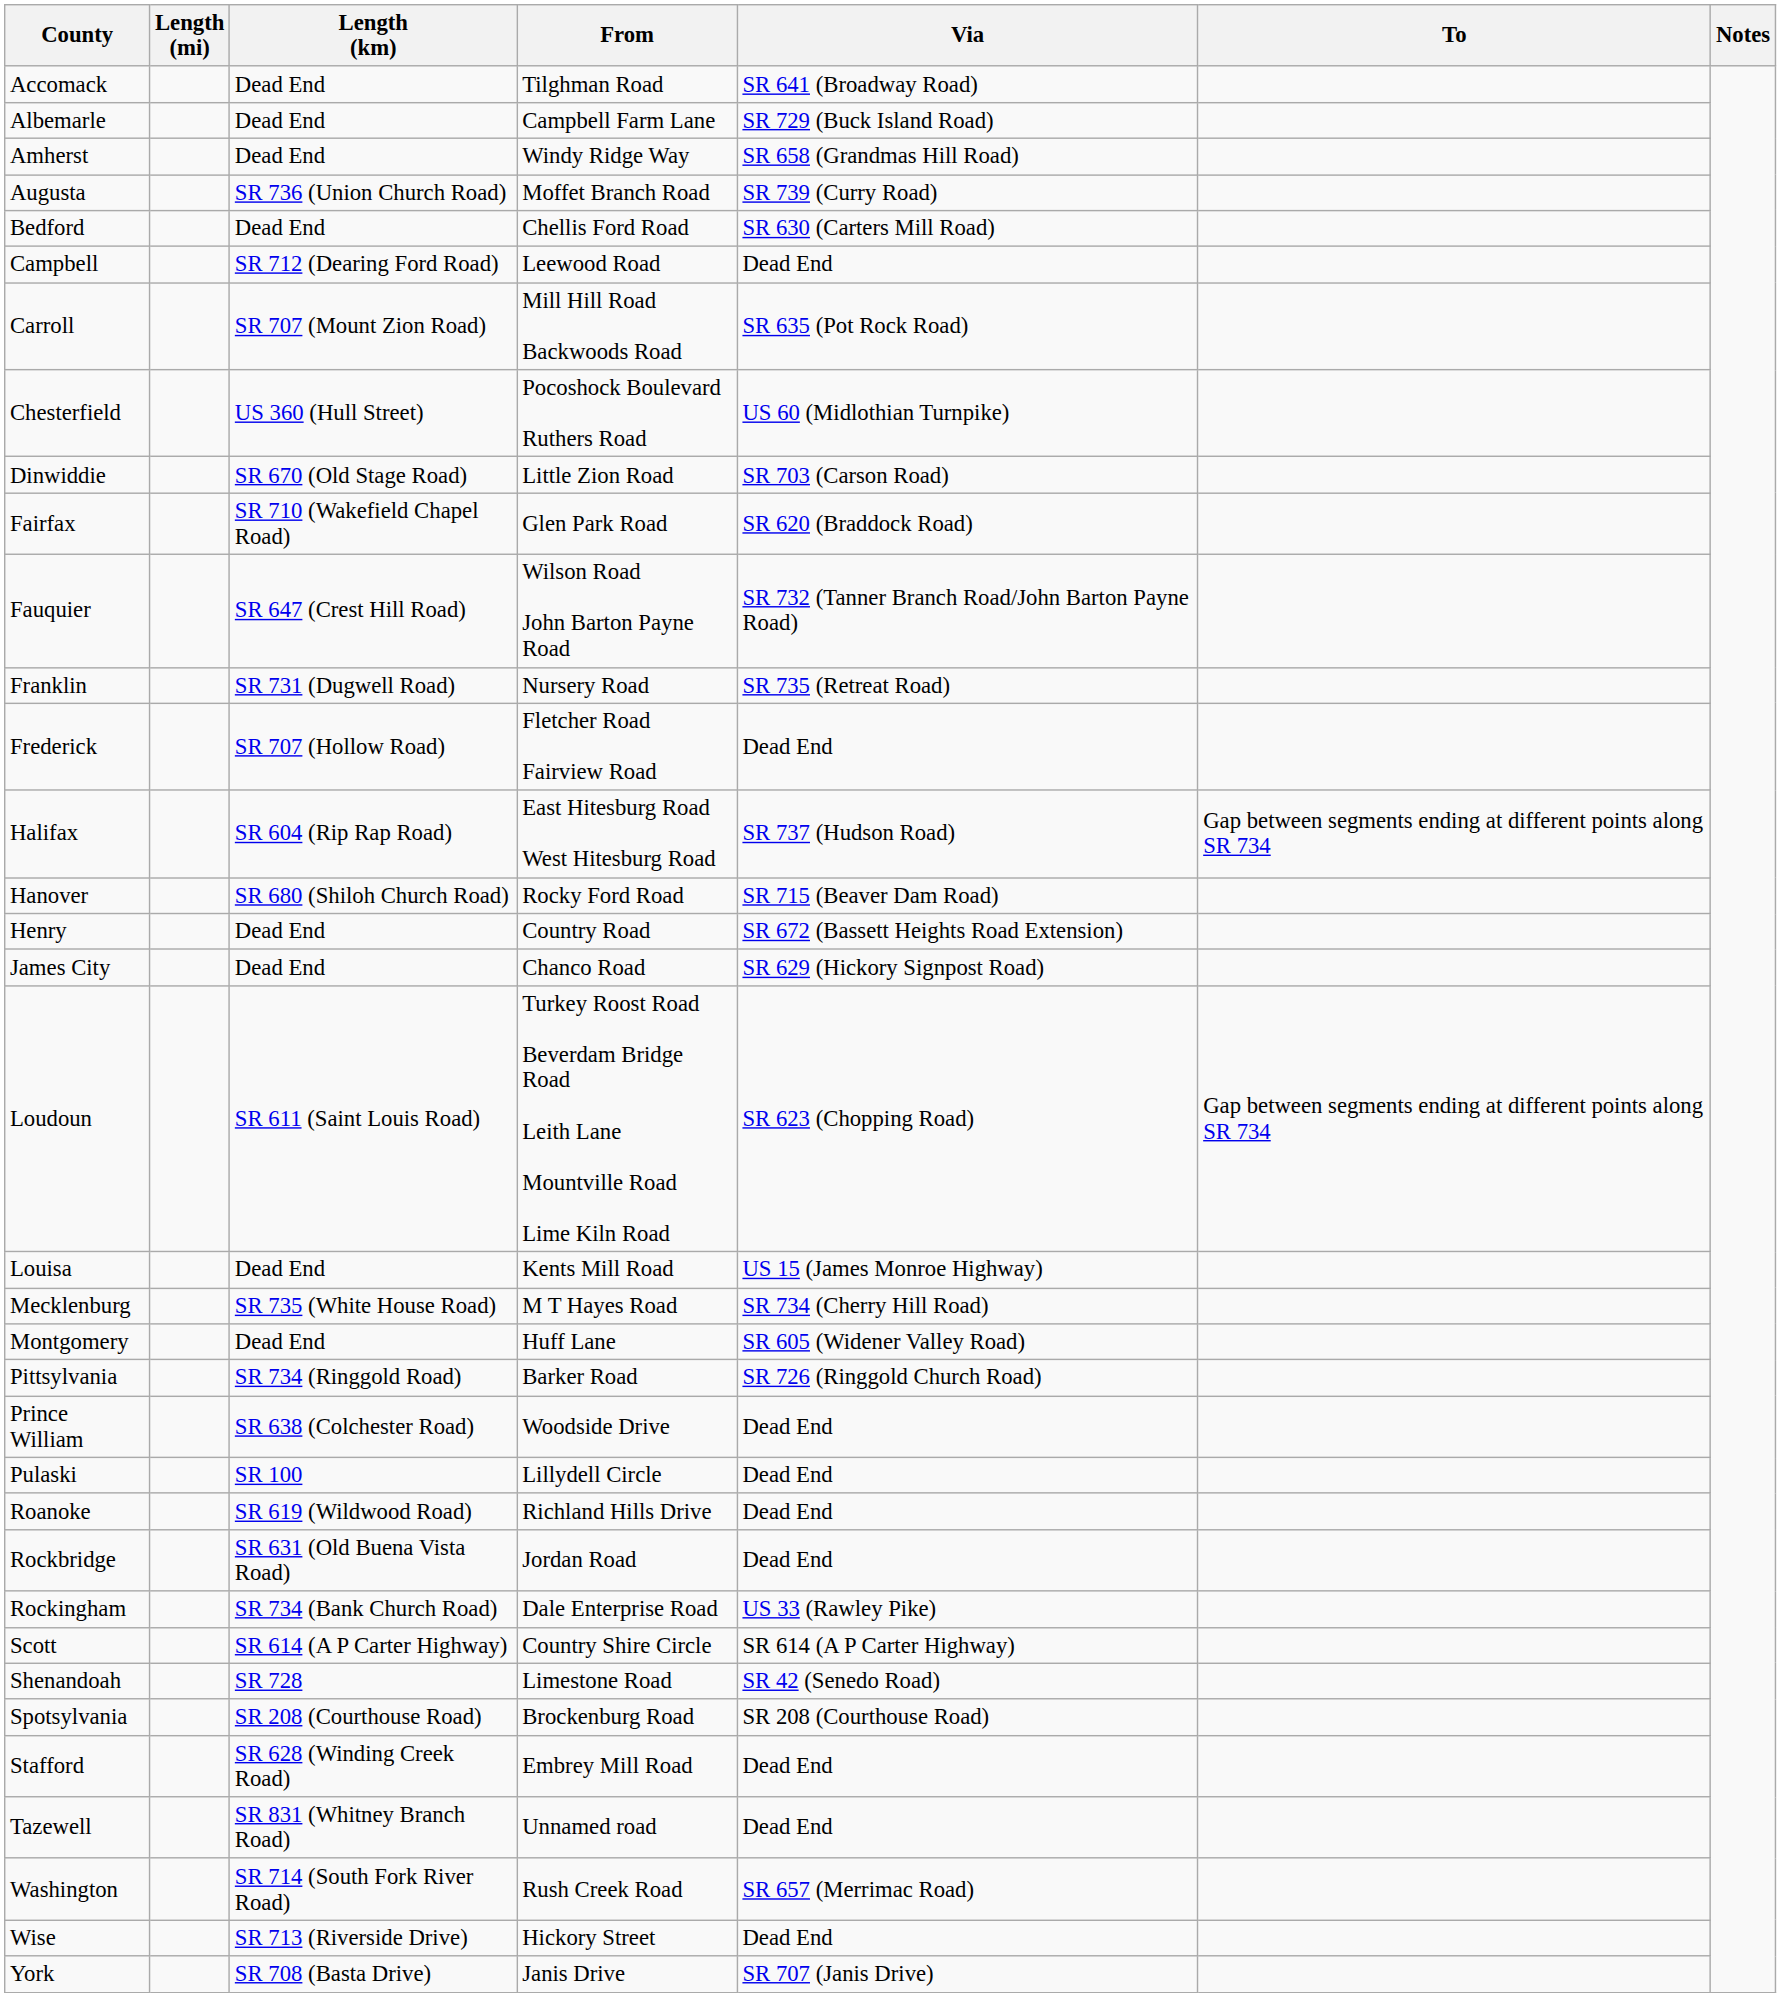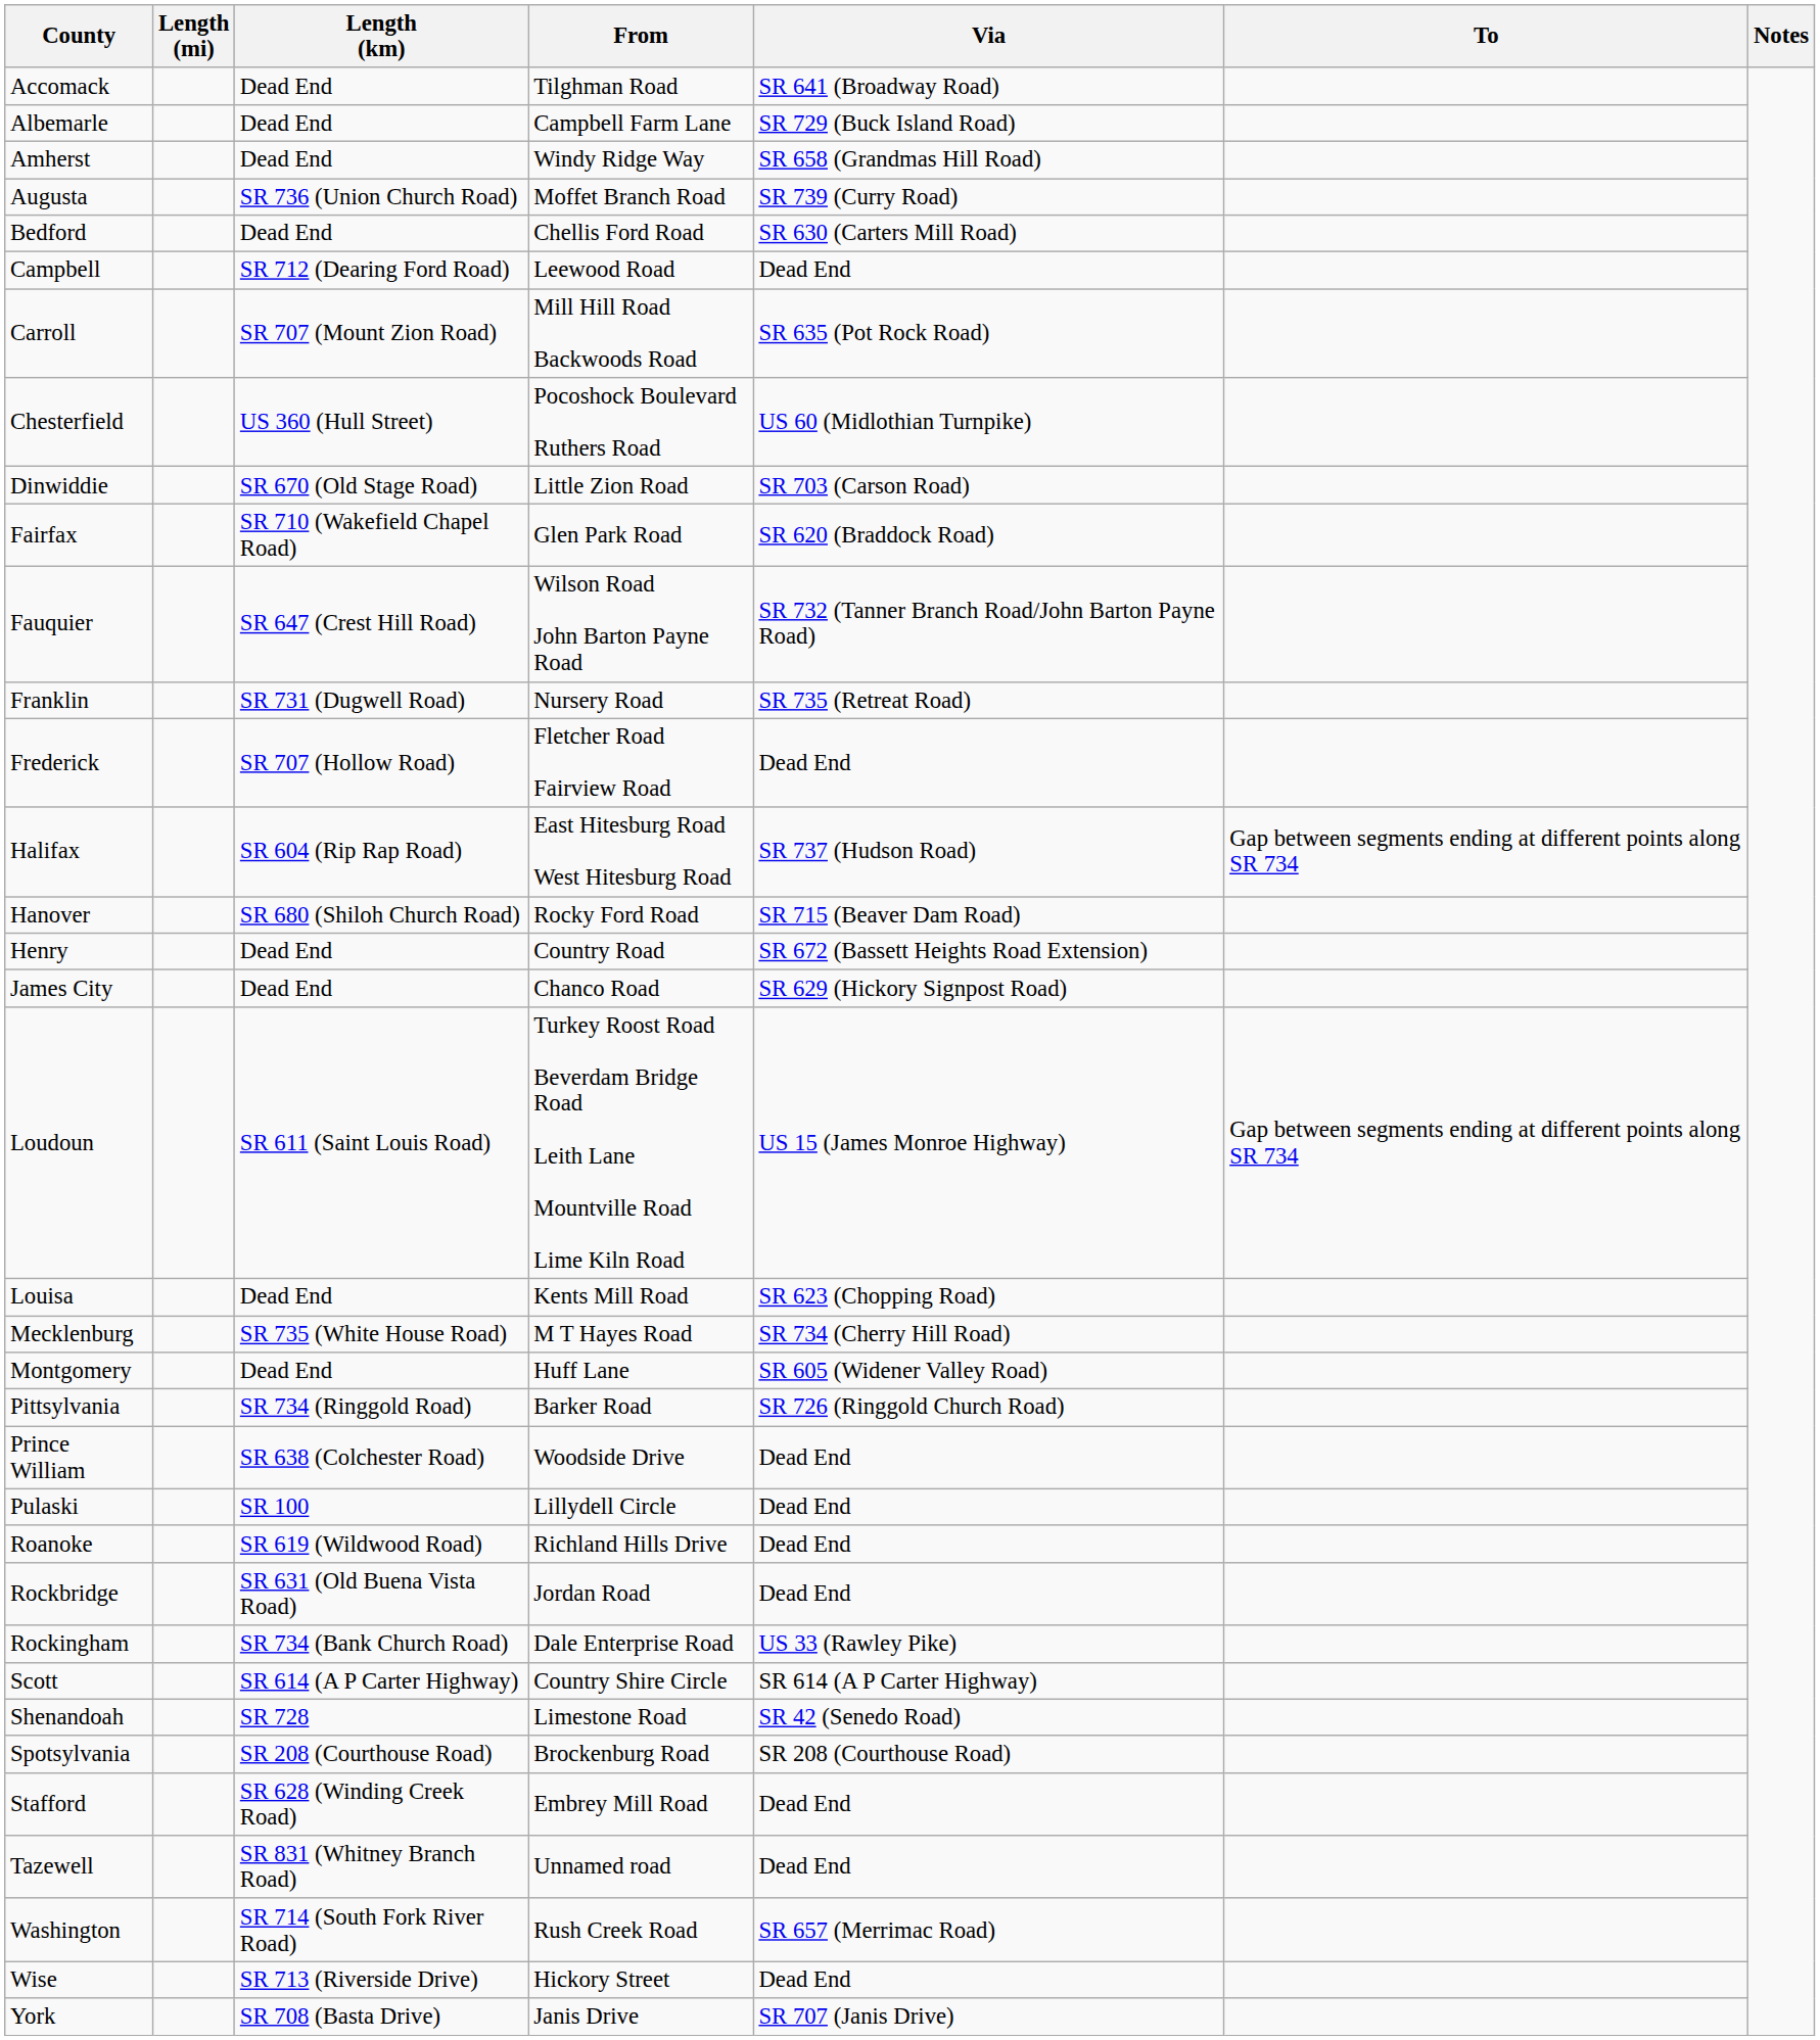 <table class="wikitable sortable">
 <tr>
 <th>County</th>
 <th>Length<br>(mi)</th>
 <th>Length<br>(km)</th>
 <th class="unsortable">From</th>
 <th class="unsortable">Via</th>
 <th class="unsortable">To</th>
 <th class="unsortable">Notes</th>
 </tr>
 <tr>
 <td id="Accomack">Accomack</td>
 <td></td>
 <td>Dead End</td>
 <td>Tilghman Road</td>
 <td><a href='#'>SR 641</a> (Broadway Road)</td>
 <td></td>
 </tr>
 <tr>
 <td id="Albemarle">Albemarle</td>
 <td></td>
 <td>Dead End</td>
 <td>Campbell Farm Lane</td>
 <td><a href='#'>SR 729</a> (Buck Island Road)</td>
 <td><br> </td>
 </tr>
 <tr>
 <td id="Amherst">Amherst</td>
 <td></td>
 <td>Dead End</td>
 <td>Windy Ridge Way</td>
 <td><a href='#'>SR 658</a> (Grandmas Hill Road)</td>
 <td><br> </td>
 </tr>
 <tr>
 <td id="Augusta">Augusta</td>
 <td></td>
 <td><a href='#'>SR 736</a> (Union Church Road)</td>
 <td>Moffet Branch Road</td>
 <td><a href='#'>SR 739</a> (Curry Road)</td>
 <td><br></td>
 </tr>
 <tr>
 <td id="Bedford">Bedford</td>
 <td></td>
 <td>Dead End</td>
 <td>Chellis Ford Road</td>
 <td><a href='#'>SR 630</a> (Carters Mill Road)</td>
 <td><br>    </td>
 </tr>
 <tr>
 <td id="Campbell">Campbell</td>
 <td></td>
 <td><a href='#'>SR 712</a> (Dearing Ford Road)</td>
 <td>Leewood Road</td>
 <td>Dead End</td>
 <td><br></td>
 </tr>
 <tr>
 <td id="Carroll">Carroll</td>
 <td></td>
 <td><a href='#'>SR 707</a> (Mount Zion Road)</td>
 <td>Mill Hill Road<br><br>Backwoods Road</td>
 <td><a href='#'>SR 635</a> (Pot Rock Road)</td>
 <td><br> </td>
 </tr>
 <tr>
 <td id="Chesterfield">Chesterfield</td>
 <td></td>
 <td><a href='#'>US 360</a> (Hull Street)</td>
 <td>Pocoshock Boulevard<br><br>Ruthers Road</td>
 <td><a href='#'>US 60</a> (Midlothian Turnpike)</td>
 <td><br>    </td>
 </tr>
 <tr>
 <td id="Dinwiddie">Dinwiddie</td>
 <td></td>
 <td><a href='#'>SR 670</a> (Old Stage Road)</td>
 <td>Little Zion Road</td>
 <td><a href='#'>SR 703</a> (Carson Road)</td>
 <td><br></td>
 </tr>
 <tr>
 <td id="Fairfax">Fairfax</td>
 <td></td>
 <td><a href='#'>SR 710</a> (Wakefield Chapel Road)</td>
 <td>Glen Park Road</td>
 <td><a href='#'>SR 620</a> (Braddock Road)</td>
 <td></td>
 </tr>
 <tr>
 <td id="Fauquier">Fauquier</td>
 <td></td>
 <td><a href='#'>SR 647</a> (Crest Hill Road)</td>
 <td>Wilson Road<br><br>John Barton Payne Road</td>
 <td><a href='#'>SR 732</a> (Tanner Branch Road/John Barton Payne Road)</td>
 <td><br> </td>
 </tr>
 <tr>
 <td id="Franklin">Franklin</td>
 <td></td>
 <td><a href='#'>SR 731</a> (Dugwell Road)</td>
 <td>Nursery Road</td>
 <td><a href='#'>SR 735</a> (Retreat Road)</td>
 <td></td>
 </tr>
 <tr>
 <td id="Frederick">Frederick</td>
 <td></td>
 <td><a href='#'>SR 707</a> (Hollow Road)</td>
 <td>Fletcher Road<br><br>Fairview Road</td>
 <td>Dead End</td>
 <td><br>     </td>
 </tr>
 <tr>
 <td id="Halifax">Halifax</td>
 <td></td>
 <td><a href='#'>SR 604</a> (Rip Rap Road)</td>
 <td>East Hitesburg Road<br><br>West Hitesburg Road</td>
 <td><a href='#'>SR 737</a> (Hudson Road)</td>
 <td>Gap between segments ending at different points along <a href='#'>SR 734</a></td>
 </tr>
 <tr>
 <td id="Hanover">Hanover</td>
 <td></td>
 <td><a href='#'>SR 680</a> (Shiloh Church Road)</td>
 <td>Rocky Ford Road</td>
 <td><a href='#'>SR 715</a> (Beaver Dam Road)</td>
 <td><br></td>
 </tr>
 <tr>
 <td id="Henry">Henry</td>
 <td></td>
 <td>Dead End</td>
 <td>Country Road</td>
 <td><a href='#'>SR 672</a> (Bassett Heights Road Extension)</td>
 <td><br> </td>
 </tr>
 <tr>
 <td id="James City">James City</td>
 <td></td>
 <td>Dead End</td>
 <td>Chanco Road</td>
 <td><a href='#'>SR 629</a> (Hickory Signpost Road)</td>
 <td><br>    </td>
 </tr>
 <tr>
 <td id="Loudoun">Loudoun</td>
 <td></td>
 <td><a href='#'>SR 611</a> (Saint Louis Road)</td>
 <td>Turkey Roost Road<br><br>Beverdam Bridge Road<br><br>Leith Lane<br><br>Mountville Road<br><br>Lime Kiln Road</td>
-<td><a href='#'>SR 623</a> (Chopping Road)</td>
+<td><a href='#'>US 15</a> (James Monroe Highway)</td>
 <td>Gap between segments ending at different points along <a href='#'>SR 734</a></td>
 </tr>
 <tr>
 <td id="Louisa">Louisa</td>
 <td></td>
 <td>Dead End</td>
 <td>Kents Mill Road</td>
-<td><a href='#'>US 15</a> (James Monroe Highway)</td>
+<td><a href='#'>SR 623</a> (Chopping Road)</td>
 <td><br>  </td>
 </tr>
 <tr>
 <td id="Mecklenburg">Mecklenburg</td>
 <td></td>
 <td><a href='#'>SR 735</a> (White House Road)</td>
 <td>M T Hayes Road</td>
 <td><a href='#'>SR 734</a> (Cherry Hill Road)</td>
 <td><br></td>
 </tr>
 <tr>
 <td id="Montgomery">Montgomery</td>
 <td></td>
 <td>Dead End</td>
 <td>Huff Lane</td>
 <td><a href='#'>SR 605</a> (Widener Valley Road)</td>
 <td><br>       </td>
 </tr>
 <tr>
 <td id="Pittsylvania">Pittsylvania</td>
 <td></td>
 <td><a href='#'>SR 734</a> (Ringgold Road)</td>
 <td>Barker Road</td>
 <td><a href='#'>SR 726</a> (Ringgold Church Road)</td>
 <td><br>  </td>
 </tr>
 <tr>
 <td id="Prince William">Prince William</td>
 <td></td>
 <td><a href='#'>SR 638</a> (Colchester Road)</td>
 <td>Woodside Drive</td>
 <td>Dead End</td>
 <td></td>
 </tr>
 <tr>
 <td id="Pulaski">Pulaski</td>
 <td></td>
 <td><a href='#'>SR 100</a></td>
 <td>Lillydell Circle</td>
 <td>Dead End</td>
 <td><br> </td>
 </tr>
 <tr>
 <td id="Roanoke">Roanoke</td>
 <td></td>
 <td><a href='#'>SR 619</a> (Wildwood Road)</td>
 <td>Richland Hills Drive</td>
 <td>Dead End</td>
 <td></td>
 </tr>
 <tr>
 <td id="Rockbridge">Rockbridge</td>
 <td></td>
 <td><a href='#'>SR 631</a> (Old Buena Vista Road)</td>
 <td>Jordan Road</td>
 <td>Dead End</td>
 <td></td>
 </tr>
 <tr>
 <td id="Rockingham">Rockingham</td>
 <td></td>
 <td><a href='#'>SR 734</a> (Bank Church Road)</td>
 <td>Dale Enterprise Road</td>
 <td><a href='#'>US 33</a> (Rawley Pike)</td>
 <td><br></td>
 </tr>
 <tr>
 <td id="Scott">Scott</td>
 <td></td>
 <td><a href='#'>SR 614</a> (A P Carter Highway)</td>
 <td>Country Shire Circle</td>
 <td>SR 614 (A P Carter Highway)</td>
 <td></td>
 </tr>
 <tr>
 <td id="Shenandoah">Shenandoah</td>
 <td></td>
 <td><a href='#'>SR 728</a></td>
 <td>Limestone Road</td>
 <td><a href='#'>SR 42</a> (Senedo Road)</td>
 <td><br> </td>
 </tr>
 <tr>
 <td id="Spotsylvania">Spotsylvania</td>
 <td></td>
 <td><a href='#'>SR 208</a> (Courthouse Road)</td>
 <td>Brockenburg Road</td>
 <td>SR 208 (Courthouse Road)</td>
 <td></td>
 </tr>
 <tr>
 <td id="Stafford">Stafford</td>
 <td></td>
 <td><a href='#'>SR 628</a> (Winding Creek Road)</td>
 <td>Embrey Mill Road</td>
 <td>Dead End</td>
 <td><br> </td>
 </tr>
 <tr>
 <td id="Tazewell">Tazewell</td>
 <td></td>
 <td><a href='#'>SR 831</a> (Whitney Branch Road)</td>
 <td>Unnamed road</td>
 <td>Dead End</td>
 <td><br></td>
 </tr>
 <tr>
 <td id="Washington">Washington</td>
 <td></td>
 <td><a href='#'>SR 714</a> (South Fork River Road)</td>
 <td>Rush Creek Road</td>
 <td><a href='#'>SR 657</a> (Merrimac Road)</td>
 <td><br></td>
 </tr>
 <tr>
 <td id="Wise">Wise</td>
 <td></td>
 <td><a href='#'>SR 713</a> (Riverside Drive)</td>
 <td>Hickory Street</td>
 <td>Dead End</td>
 <td><br></td>
 </tr>
 <tr>
 <td id="York">York</td>
 <td></td>
 <td><a href='#'>SR 708</a> (Basta Drive)</td>
 <td>Janis Drive</td>
 <td><a href='#'>SR 707</a> (Janis Drive)</td>
 <td></td>
 </tr>
 </table>
